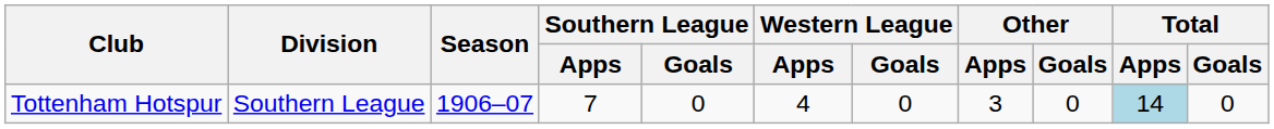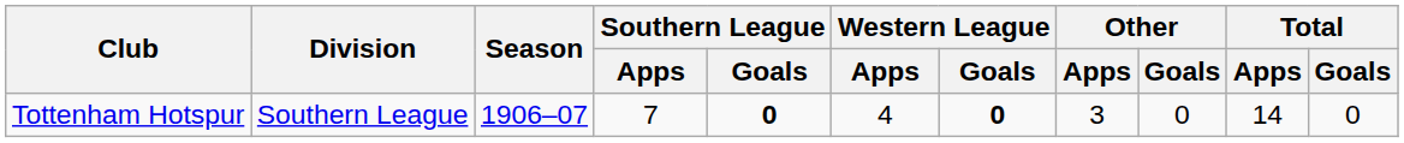 <table class="wikitable" style="text-align:center">
 <tr>
 <th rowspan="2">Club</th>
 <th rowspan="2">Division</th>
 <th rowspan="2">Season</th>
 <th colspan="2">Southern League</th>
 <th colspan="2">Western League</th>
 <th colspan="2">Other</th>
 <th colspan="2">Total</th>
 </tr>
 <tr>
 <th>Apps</th>
 <th>Goals</th>
 <th>Apps</th>
 <th>Goals</th>
 <th>Apps</th>
 <th>Goals</th>
 <th>Apps</th>
 <th>Goals</th>
 </tr>
 <tr>
 <td><a href='#'>Tottenham Hotspur</a></td>
 <td><a href='#'>Southern League</a></td>
 <td><a href='#'>1906–07</a></td>
 <td>7</td>
-<td>0</td>
+<td><strong>0</strong></td>
 <td>4</td>
-<td>0</td>
+<td><strong>0</strong></td>
 <td>3</td>
 <td>0</td>
-<td style="background: lightblue;">14</td>
+<td>14</td>
 <td>0</td>
 </tr>
 </table>
